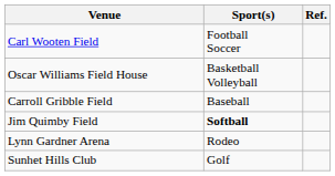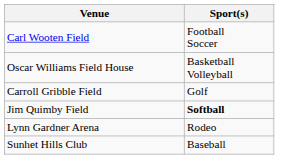 <table class="wikitable"; style= "text-align: ">
 <tr>
 <th width=250px>Venue</th>
 <th width=120px>Sport(s)</th>
-<th width=px>Ref.</th>
 </tr>
 <tr>
 <td><a href='#'>Carl Wooten Field</a> </td>
 <td>Football <br> Soccer</td>
-<td></td>
 </tr>
 <tr>
 <td>Oscar Williams Field House </td>
 <td>Basketball <br> Volleyball</td>
-<td></td>
 </tr>
 <tr>
 <td>Carroll Gribble Field</td>
-<td>Baseball</td>
-<td></td>
+<td>Golf</td>
 </tr>
 <tr>
 <td>Jim Quimby Field</td>
 <td><strong>Softball</strong></td>
-<td></td>
 </tr>
 <tr>
 <td>Lynn Gardner Arena</td>
 <td>Rodeo</td>
-<td></td>
 </tr>
 <tr>
 <td>Sunhet Hills Club </td>
-<td>Golf</td>
-<td></td>
+<td>Baseball</td>
 </tr>
 </table>
